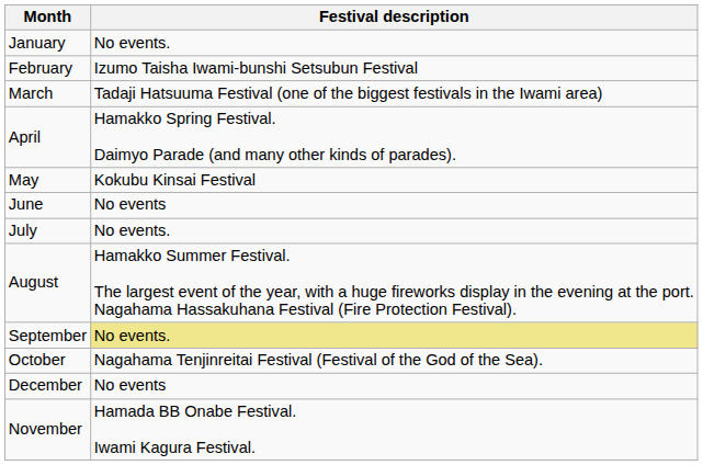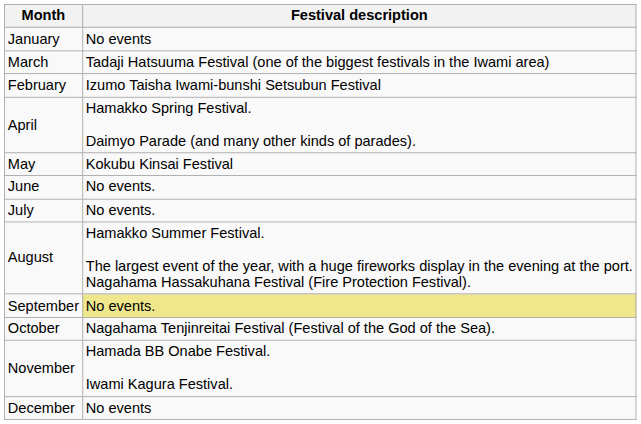 <table class="wikitable">
 <tr>
 <th>Month</th>
 <th>Festival description</th>
 </tr>
 <tr>
 <td>January</td>
-<td>No events.</td>
+<td>No events</td>
+</tr>
+<tr>
+<td>March</td>
+<td>Tadaji Hatsuuma Festival (one of the biggest festivals in the Iwami area)</td>
 </tr>
 <tr>
 <td>February</td>
 <td>Izumo Taisha Iwami-bunshi Setsubun Festival</td>
-</tr>
-<tr>
-<td>March</td>
-<td>Tadaji Hatsuuma Festival (one of the biggest festivals in the Iwami area)</td>
 </tr>
 <tr>
 <td>April</td>
 <td>Hamakko Spring Festival.<br><br>Daimyo Parade (and many other kinds of parades).</td>
 </tr>
 <tr>
 <td>May</td>
 <td>Kokubu Kinsai Festival</td>
 </tr>
 <tr>
 <td>June</td>
-<td>No events</td>
+<td>No events.</td>
 </tr>
 <tr>
 <td>July</td>
 <td>No events.</td>
 </tr>
 <tr>
 <td>August</td>
 <td>Hamakko Summer Festival.<br><br>The largest event of the year, with a huge fireworks display in the evening at the port.<br> Nagahama Hassakuhana Festival (Fire Protection Festival).</td>
 </tr>
 <tr>
 <td>September</td>
 <td style="background: khaki;">No events.</td>
 </tr>
 <tr>
 <td>October</td>
 <td>Nagahama Tenjinreitai Festival (Festival of the God of the Sea).</td>
 </tr>
 <tr>
+<td>November</td>
+<td>Hamada BB Onabe Festival.<br><br>Iwami Kagura Festival.</td>
+</tr>
+<tr>
 <td>December</td>
 <td>No events</td>
 </tr>
-<tr>
-<td>November</td>
-<td>Hamada BB Onabe Festival.<br><br>Iwami Kagura Festival.</td>
-</tr>
 </table>
